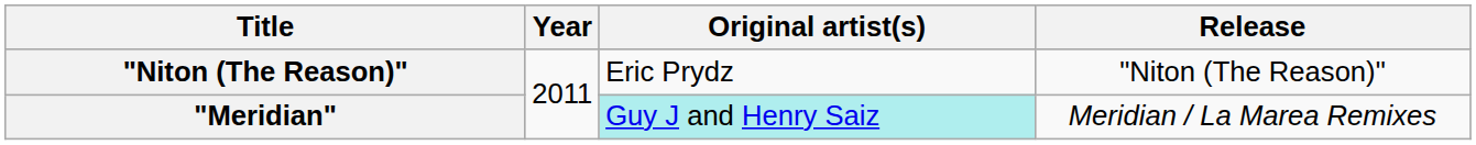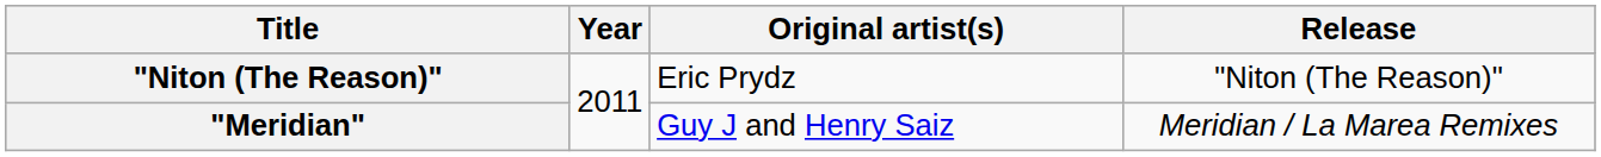 <table class="wikitable plainrowheaders">
 <tr>
 <th style="width:18em;">Title</th>
 <th>Year</th>
 <th style="width:15em;">Original artist(s)</th>
 <th style="width:15em;">Release</th>
 </tr>
 <tr>
 <th scope="row">"Niton (The Reason)"</th>
 <td rowspan="2">2011</td>
 <td>Eric Prydz</td>
 <td style="text-align:center;">"Niton (The Reason)"</td>
 </tr>
 <tr>
 <th scope="row">"Meridian"</th>
-<td style="background: paleturquoise;"><a href='#'>Guy J</a> and <a href='#'>Henry Saiz</a></td>
+<td><a href='#'>Guy J</a> and <a href='#'>Henry Saiz</a></td>
 <td style="text-align:center;"><em>Meridian / La Marea Remixes</em></td>
 </tr>
 </table>
